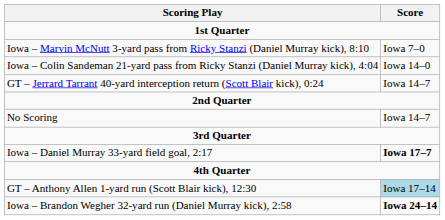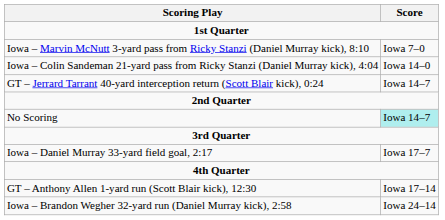 <table class="wikitable">
 <tr>
 <th>Scoring Play</th>
 <th>Score</th>
 </tr>
 <tr>
 <td colspan="4" align="center"><strong>1st Quarter</strong></td>
 </tr>
 <tr>
 <td>Iowa – <a href='#'>Marvin McNutt</a> 3-yard pass from <a href='#'>Ricky Stanzi</a> (Daniel Murray kick), 8:10</td>
 <td>Iowa 7–0</td>
 </tr>
 <tr>
 <td>Iowa – Colin Sandeman 21-yard pass from Ricky Stanzi (Daniel Murray kick), 4:04</td>
 <td>Iowa 14–0</td>
 </tr>
 <tr>
 <td>GT – <a href='#'>Jerrard Tarrant</a> 40-yard interception return (<a href='#'>Scott Blair</a> kick), 0:24</td>
 <td>Iowa 14–7</td>
 </tr>
 <tr>
 <td colspan="4" align="center"><strong>2nd Quarter</strong></td>
 </tr>
 <tr>
 <td>No Scoring</td>
-<td>Iowa 14–7</td>
+<td style="background: paleturquoise;">Iowa 14–7</td>
 </tr>
 <tr>
 <td colspan="4" align="center"><strong>3rd Quarter</strong></td>
 </tr>
 <tr>
 <td>Iowa – Daniel Murray 33-yard field goal, 2:17</td>
-<td><strong>Iowa 17–7</strong></td>
+<td>Iowa 17–7</td>
 </tr>
 <tr>
 <td colspan="4" align="center"><strong>4th Quarter</strong></td>
 </tr>
 <tr>
 <td>GT – Anthony Allen 1-yard run (Scott Blair kick), 12:30</td>
-<td style="background: lightblue;">Iowa 17–14</td>
+<td>Iowa 17–14</td>
 </tr>
 <tr>
 <td>Iowa – Brandon Wegher 32-yard run (Daniel Murray kick), 2:58</td>
-<td><strong>Iowa 24–14</strong></td>
+<td>Iowa 24–14</td>
 </tr>
 </table>
